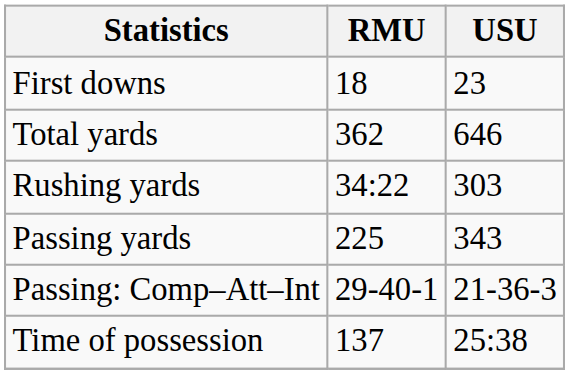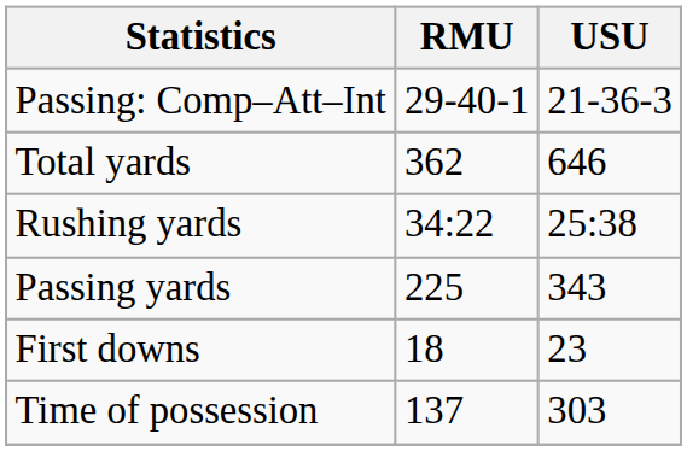 <table class="wikitable" style="float: left;">
 <tr>
 <th>Statistics</th>
 <th>RMU</th>
 <th>USU</th>
 </tr>
 <tr>
-<td>First downs</td>
-<td>18</td>
-<td>23</td>
+<td>Passing: Comp–Att–Int</td>
+<td>29-40-1</td>
+<td>21-36-3</td>
 </tr>
 <tr>
 <td>Total yards</td>
 <td>362</td>
 <td>646</td>
 </tr>
 <tr>
 <td>Rushing yards</td>
 <td>34:22</td>
-<td>303</td>
+<td>25:38</td>
 </tr>
 <tr>
 <td>Passing yards</td>
 <td>225</td>
 <td>343</td>
 </tr>
 <tr>
-<td>Passing: Comp–Att–Int</td>
-<td>29-40-1</td>
-<td>21-36-3</td>
+<td>First downs</td>
+<td>18</td>
+<td>23</td>
 </tr>
 <tr>
 <td>Time of possession</td>
 <td>137</td>
-<td>25:38</td>
+<td>303</td>
 </tr>
 <tr>
 </tr>
 </table>
